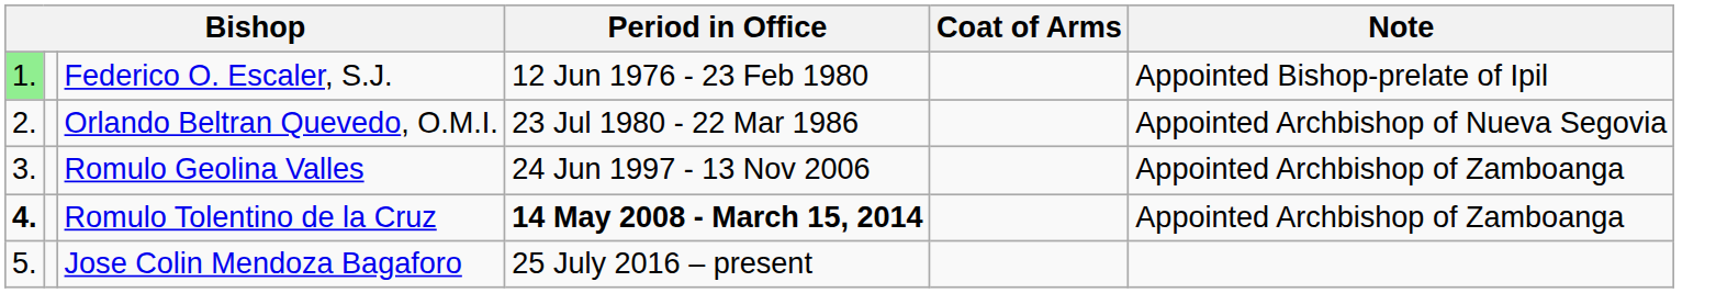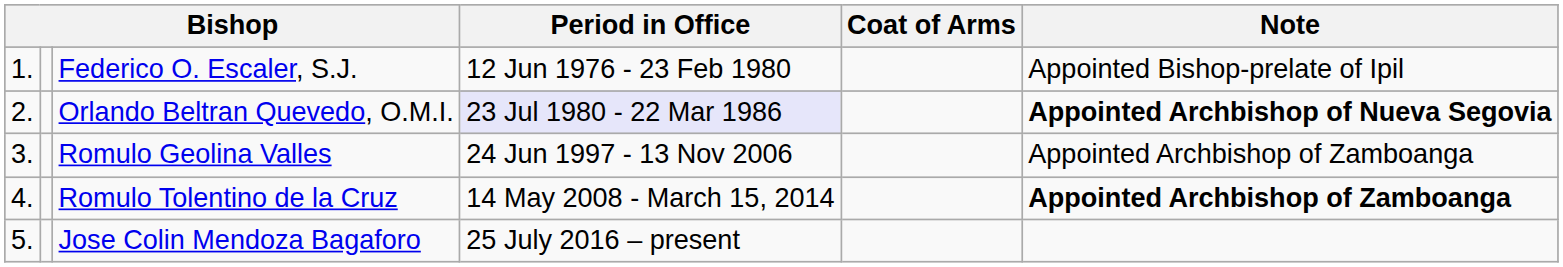 <table class="wikitable">
 <tr>
 <th colspan=3>Bishop</th>
 <th>Period in Office</th>
 <th>Coat of Arms</th>
 <th>Note</th>
 </tr>
 <tr>
-<td style="background: lightgreen;">1.</td>
+<td>1.</td>
 <td></td>
 <td><a href='#'>Federico O. Escaler</a>, S.J.</td>
 <td>12 Jun 1976 - 23 Feb 1980</td>
 <td></td>
 <td>Appointed Bishop-prelate of Ipil</td>
 </tr>
 <tr>
 <td>2.</td>
 <td></td>
 <td><a href='#'>Orlando Beltran Quevedo</a>, O.M.I.</td>
-<td>23 Jul 1980 - 22 Mar 1986</td>
+<td style="background: lavender;">23 Jul 1980 - 22 Mar 1986</td>
 <td></td>
-<td>Appointed Archbishop of Nueva Segovia</td>
+<td><strong>Appointed Archbishop of Nueva Segovia</strong></td>
 </tr>
 <tr>
 <td>3.</td>
 <td></td>
 <td><a href='#'>Romulo Geolina Valles</a></td>
 <td>24 Jun 1997 - 13 Nov 2006</td>
 <td></td>
 <td>Appointed Archbishop of Zamboanga</td>
 </tr>
 <tr>
-<td><strong>4.</strong></td>
+<td>4.</td>
 <td></td>
 <td><a href='#'>Romulo Tolentino de la Cruz</a></td>
-<td><strong>14 May 2008 - March 15, 2014</strong></td>
+<td>14 May 2008 - March 15, 2014</td>
 <td></td>
-<td>Appointed Archbishop of Zamboanga</td>
+<td><strong>Appointed Archbishop of Zamboanga</strong></td>
 </tr>
 <tr>
 <td>5.</td>
 <td></td>
 <td><a href='#'>Jose Colin Mendoza Bagaforo</a></td>
 <td>25 July 2016 – present</td>
 <td></td>
 <td></td>
 </tr>
 </table>
